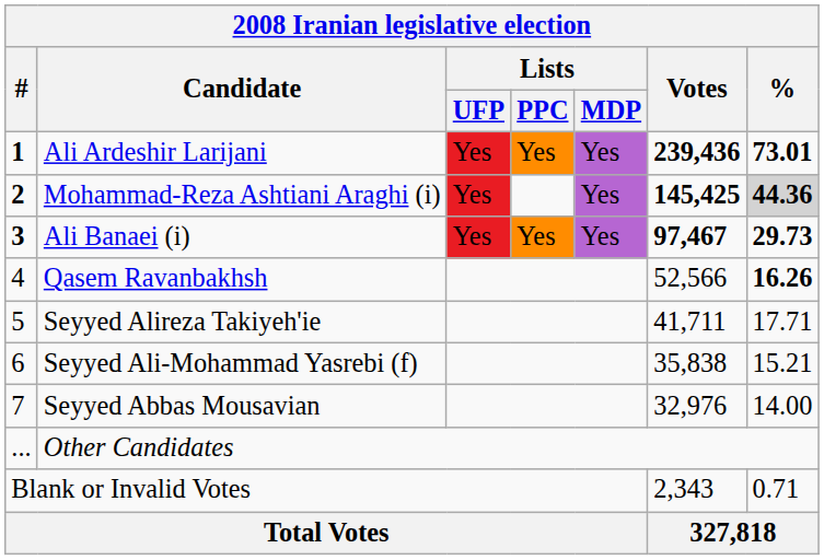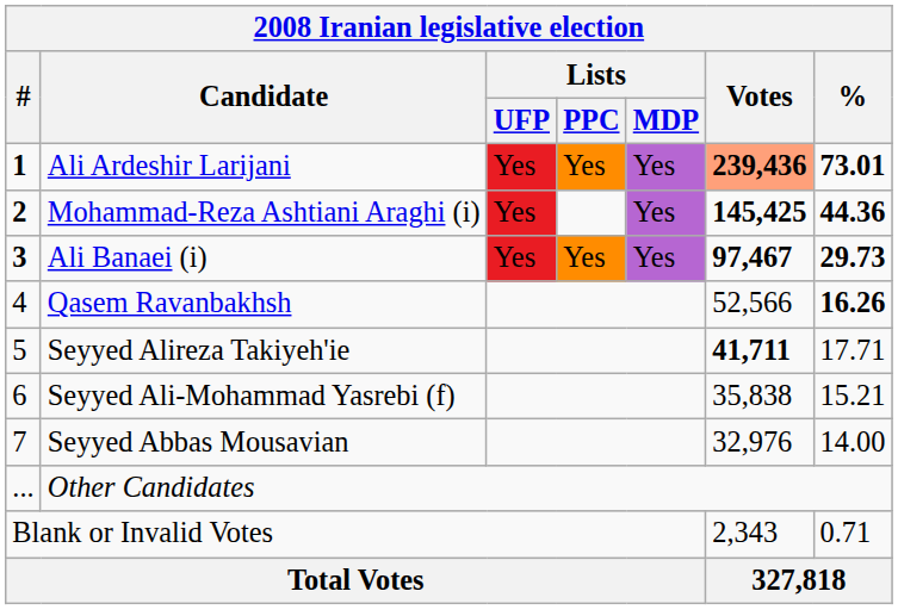 <table class="wikitable">
 <tr>
 <th colspan="9"><a href='#'>2008 Iranian legislative election</a></th>
 </tr>
 <tr>
 <th rowspan="2">#</th>
 <th rowspan="2">Candidate</th>
 <th colspan="3">Lists</th>
 <th rowspan="2">Votes</th>
 <th rowspan="2">%</th>
 </tr>
 <tr>
 <th><a href='#'>UFP</a></th>
 <th><a href='#'>PPC</a></th>
 <th><a href='#'>MDP</a></th>
 </tr>
 <tr>
 <td><strong>1</strong></td>
 <td><a href='#'>Ali Ardeshir Larijani</a></td>
 <td style="background:#e91c23;"><span>Yes</span></td>
 <td style="background:#FF8C00;"><span>Yes</span></td>
 <td style="background:#B666D2;"><span>Yes</span></td>
-<td><strong>239,436</strong></td>
+<td style="background: lightsalmon;"><strong>239,436</strong></td>
 <td><strong>73.01</strong></td>
 </tr>
 <tr>
 <td><strong>2</strong></td>
 <td><a href='#'>Mohammad-Reza Ashtiani Araghi</a> (<abbr>i</abbr>)</td>
 <td style="background:#e91c23;"><span>Yes</span></td>
 <td></td>
 <td style="background:#B666D2;"><span>Yes</span></td>
 <td><strong>145,425</strong></td>
-<td style="background: lightgrey;"><strong>44.36</strong></td>
+<td><strong>44.36</strong></td>
 </tr>
 <tr>
 <td><strong>3</strong></td>
 <td><a href='#'>Ali Banaei</a> (<abbr>i</abbr>)</td>
 <td style="background:#e91c23;"><span>Yes</span></td>
 <td style="background:#FF8C00;"><span>Yes</span></td>
 <td style="background:#B666D2;"><span>Yes</span></td>
 <td><strong>97,467</strong></td>
 <td><strong>29.73</strong></td>
 </tr>
 <tr>
 <td>4</td>
 <td><a href='#'>Qasem Ravanbakhsh</a></td>
 <td colspan="3"></td>
 <td>52,566</td>
 <td><strong>16.26</strong></td>
 </tr>
 <tr>
 <td>5</td>
 <td>Seyyed Alireza Takiyeh'ie</td>
 <td colspan="3"></td>
-<td>41,711</td>
+<td><strong>41,711</strong></td>
 <td>17.71</td>
 </tr>
 <tr>
 <td>6</td>
 <td>Seyyed Ali-Mohammad Yasrebi (<abbr>f</abbr>)</td>
 <td colspan="3"></td>
 <td>35,838</td>
 <td>15.21</td>
 </tr>
 <tr>
 <td>7</td>
 <td>Seyyed Abbas Mousavian</td>
 <td colspan="3"></td>
 <td>32,976</td>
 <td>14.00</td>
 </tr>
 <tr>
 <td>...</td>
 <td colspan="6"><em>Other Candidates</em></td>
 </tr>
 <tr>
 <td colspan="5">Blank or Invalid Votes</td>
 <td>2,343</td>
 <td>0.71</td>
 </tr>
 <tr>
 <th colspan="5">Total Votes</th>
 <th colspan="2">327,818</th>
 </tr>
 </table>
